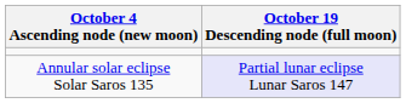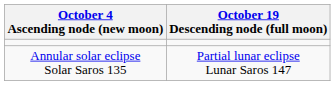 <table class="wikitable">
 <tr>
 <th><a href='#'>October 4</a><br>Ascending node (new moon)<br></th>
 <th><a href='#'>October 19</a><br>Descending node (full moon)<br></th>
 </tr>
 <tr>
 <td></td>
 <td></td>
 </tr>
 <tr align=center>
 <td><a href='#'>Annular solar eclipse</a><br>Solar Saros 135</td>
-<td style="background: lavender;"><a href='#'>Partial lunar eclipse</a><br>Lunar Saros 147</td>
+<td><a href='#'>Partial lunar eclipse</a><br>Lunar Saros 147</td>
 </tr>
 </table>
